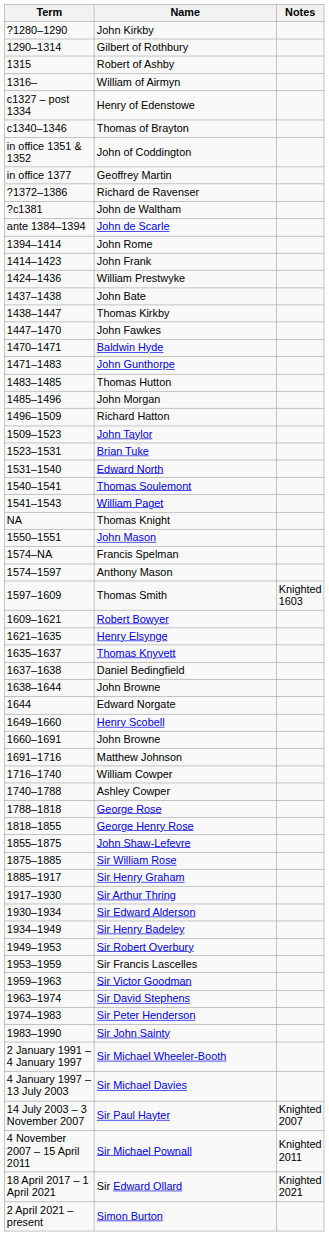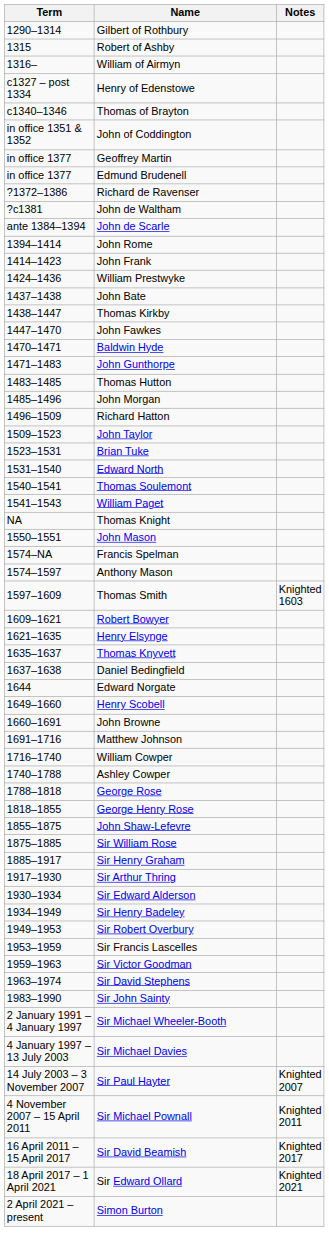 <table class="wikitable" style="align:left;">
 <tr>
 <th width="125">Term</th>
 <th width="260">Name</th>
 <th width="4">Notes</th>
-</tr>
-<tr>
-<td>?1280–1290</td>
-<td>John Kirkby</td>
-<td></td>
 </tr>
 <tr>
 <td>1290–1314</td>
 <td>Gilbert of Rothbury</td>
 <td></td>
 </tr>
 <tr>
 <td>1315</td>
 <td>Robert of Ashby</td>
 <td></td>
 </tr>
 <tr>
 <td>1316–</td>
 <td>William of Airmyn</td>
 <td></td>
 </tr>
 <tr>
 <td>c1327 – post 1334</td>
 <td>Henry of Edenstowe</td>
 <td></td>
 </tr>
 <tr>
 <td>c1340–1346</td>
 <td>Thomas of Brayton</td>
 <td></td>
 </tr>
 <tr>
 <td>in office 1351 & 1352</td>
 <td>John of Coddington</td>
 <td></td>
 </tr>
 <tr>
 <td>in office 1377</td>
 <td>Geoffrey Martin</td>
+<td></td>
+</tr>
+<tr>
+<td>in office 1377</td>
+<td>Edmund Brudenell</td>
 <td></td>
 </tr>
 <tr>
 <td>?1372–1386</td>
 <td>Richard de Ravenser</td>
 <td></td>
 </tr>
 <tr>
 <td>?c1381</td>
 <td>John de Waltham</td>
 <td></td>
 </tr>
 <tr>
 <td>ante 1384–1394</td>
 <td><a href='#'>John de Scarle</a></td>
 <td></td>
 </tr>
 <tr>
 <td>1394–1414</td>
 <td>John Rome</td>
 <td></td>
 </tr>
 <tr>
 <td>1414–1423</td>
 <td>John Frank</td>
 <td></td>
 </tr>
 <tr>
 <td>1424–1436</td>
 <td>William Prestwyke</td>
 <td></td>
 </tr>
 <tr>
 <td>1437–1438</td>
 <td>John Bate</td>
 <td></td>
 </tr>
 <tr>
 <td>1438–1447</td>
 <td>Thomas Kirkby</td>
 <td></td>
 </tr>
 <tr>
 <td>1447–1470</td>
 <td>John Fawkes</td>
 <td></td>
 </tr>
 <tr>
 <td>1470–1471</td>
 <td><a href='#'>Baldwin Hyde</a></td>
 <td></td>
 </tr>
 <tr>
 <td>1471–1483</td>
 <td><a href='#'>John Gunthorpe</a></td>
 <td></td>
 </tr>
 <tr>
 <td>1483–1485</td>
 <td>Thomas Hutton</td>
 <td></td>
 </tr>
 <tr>
 <td>1485–1496</td>
 <td>John Morgan</td>
 <td></td>
 </tr>
 <tr>
 <td>1496–1509</td>
 <td>Richard Hatton</td>
 <td></td>
 </tr>
 <tr>
 <td>1509–1523</td>
 <td><a href='#'>John Taylor</a></td>
 <td></td>
 </tr>
 <tr>
 <td>1523–1531</td>
 <td><a href='#'>Brian Tuke</a></td>
 <td></td>
 </tr>
 <tr>
 <td>1531–1540</td>
 <td><a href='#'>Edward North</a></td>
 <td></td>
 </tr>
 <tr>
 <td>1540–1541</td>
 <td><a href='#'>Thomas Soulemont</a></td>
 <td></td>
 </tr>
 <tr>
 <td>1541–1543</td>
 <td><a href='#'>William Paget</a></td>
 <td></td>
 </tr>
 <tr>
 <td>NA</td>
 <td>Thomas Knight</td>
 <td></td>
 </tr>
 <tr>
 <td>1550–1551</td>
 <td><a href='#'>John Mason</a></td>
 <td></td>
 </tr>
 <tr>
 <td>1574–NA</td>
 <td>Francis Spelman</td>
 <td></td>
 </tr>
 <tr>
 <td>1574–1597</td>
 <td>Anthony Mason</td>
 <td></td>
 </tr>
 <tr>
 <td>1597–1609</td>
 <td>Thomas Smith</td>
 <td>Knighted 1603</td>
 </tr>
 <tr>
 <td>1609–1621</td>
 <td><a href='#'>Robert Bowyer</a></td>
 <td></td>
 </tr>
 <tr>
 <td>1621–1635</td>
 <td><a href='#'>Henry Elsynge</a></td>
 <td></td>
 </tr>
 <tr>
 <td>1635–1637</td>
 <td><a href='#'>Thomas Knyvett</a></td>
 <td></td>
 </tr>
 <tr>
 <td>1637–1638</td>
 <td>Daniel Bedingfield</td>
 <td></td>
 </tr>
 <tr>
-<td>1638–1644</td>
-<td>John Browne</td>
-<td></td>
-</tr>
-<tr>
 <td>1644</td>
 <td>Edward Norgate</td>
 <td></td>
 </tr>
 <tr>
 <td>1649–1660</td>
 <td><a href='#'>Henry Scobell</a></td>
 <td></td>
 </tr>
 <tr>
 <td>1660–1691</td>
 <td>John Browne</td>
 <td></td>
 </tr>
 <tr>
 <td>1691–1716</td>
 <td>Matthew Johnson</td>
 <td></td>
 </tr>
 <tr>
 <td>1716–1740</td>
 <td>William Cowper</td>
 <td></td>
 </tr>
 <tr>
 <td>1740–1788</td>
 <td>Ashley Cowper</td>
 <td></td>
 </tr>
 <tr>
 <td>1788–1818</td>
 <td><a href='#'>George Rose</a></td>
 <td></td>
 </tr>
 <tr>
 <td>1818–1855</td>
 <td><a href='#'>George Henry Rose</a></td>
 <td></td>
 </tr>
 <tr>
 <td>1855–1875</td>
 <td><a href='#'>John Shaw-Lefevre</a></td>
 <td></td>
 </tr>
 <tr>
 <td>1875–1885</td>
 <td><a href='#'>Sir William Rose</a></td>
 <td></td>
 </tr>
 <tr>
 <td>1885–1917</td>
 <td><a href='#'>Sir Henry Graham</a></td>
 <td></td>
 </tr>
 <tr>
 <td>1917–1930</td>
 <td><a href='#'>Sir Arthur Thring</a></td>
 <td></td>
 </tr>
 <tr>
 <td>1930–1934</td>
 <td><a href='#'>Sir Edward Alderson</a></td>
 <td></td>
 </tr>
 <tr>
 <td>1934–1949</td>
 <td><a href='#'>Sir Henry Badeley</a></td>
 <td></td>
 </tr>
 <tr>
 <td>1949–1953</td>
 <td><a href='#'>Sir Robert Overbury</a></td>
 <td></td>
 </tr>
 <tr>
 <td>1953–1959</td>
 <td>Sir Francis Lascelles</td>
 <td></td>
 </tr>
 <tr>
 <td>1959–1963</td>
 <td><a href='#'>Sir Victor Goodman</a></td>
 <td></td>
 </tr>
 <tr>
 <td>1963–1974</td>
 <td><a href='#'>Sir David Stephens</a></td>
 <td></td>
 </tr>
 <tr>
-<td>1974–1983</td>
-<td><a href='#'>Sir Peter Henderson</a></td>
-<td></td>
-</tr>
-<tr>
 <td>1983–1990</td>
 <td><a href='#'>Sir John Sainty</a></td>
 <td></td>
 </tr>
 <tr>
 <td>2 January 1991 – 4 January 1997</td>
 <td><a href='#'>Sir Michael Wheeler-Booth</a></td>
 <td></td>
 </tr>
 <tr>
 <td>4 January 1997 – 13 July 2003</td>
 <td><a href='#'>Sir Michael Davies</a></td>
 <td></td>
 </tr>
 <tr>
 <td>14 July 2003 – 3 November 2007</td>
 <td><a href='#'>Sir Paul Hayter</a></td>
 <td>Knighted 2007</td>
 </tr>
 <tr>
 <td>4 November 2007 – 15 April 2011</td>
 <td><a href='#'>Sir Michael Pownall</a></td>
 <td>Knighted 2011</td>
 </tr>
 <tr>
+<td>16 April 2011 – 15 April 2017</td>
+<td><a href='#'>Sir David Beamish</a></td>
+<td>Knighted 2017</td>
+</tr>
+<tr>
 <td>18 April 2017 – 1 April 2021</td>
 <td>Sir <a href='#'>Edward Ollard</a></td>
 <td>Knighted 2021</td>
 </tr>
 <tr>
 <td>2 April 2021 – present</td>
 <td><a href='#'>Simon Burton</a></td>
 <td></td>
 </tr>
 </table>
